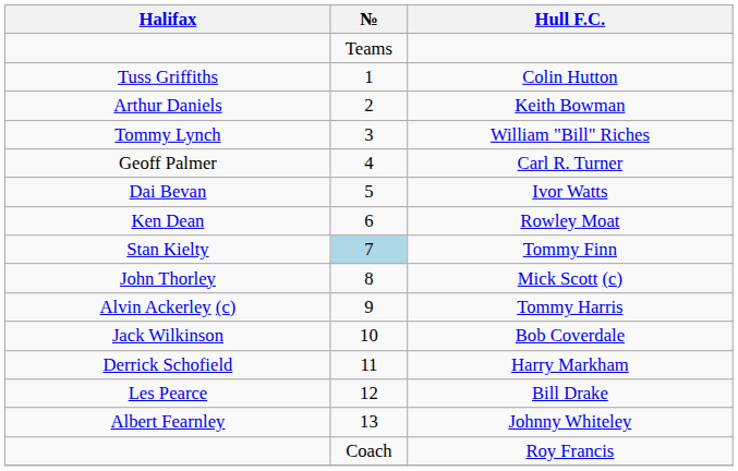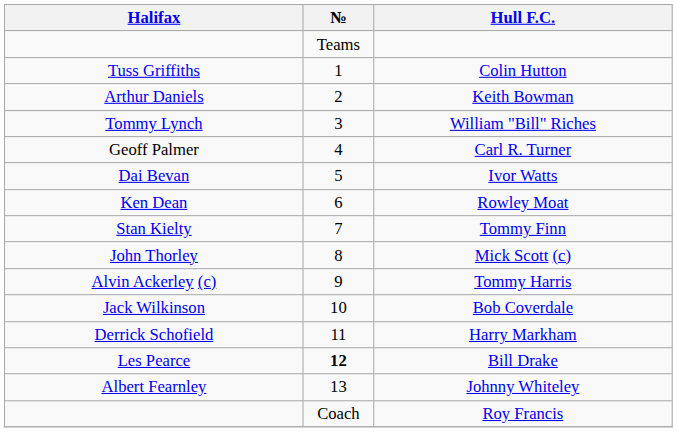 <table class="wikitable" style="text-align:center;">
 <tr>
 <th width=280 abbr=winner><a href='#'>Halifax</a></th>
 <th width=60 abbr="Number">№</th>
 <th width=280 abbr=runner-up><a href='#'>Hull F.C.</a></th>
 </tr>
 <tr>
 </tr>
 <tr>
 <td></td>
 <td>Teams</td>
 <td></td>
 </tr>
 <tr>
 <td><a href='#'>Tuss Griffiths</a></td>
 <td>1</td>
 <td><a href='#'>Colin Hutton</a></td>
 </tr>
 <tr>
 <td><a href='#'>Arthur Daniels</a></td>
 <td>2</td>
 <td><a href='#'>Keith Bowman</a></td>
 </tr>
 <tr>
 <td><a href='#'>Tommy Lynch</a></td>
 <td>3</td>
 <td><a href='#'>William "Bill" Riches</a></td>
 </tr>
 <tr>
 <td>Geoff Palmer</td>
 <td>4</td>
 <td><a href='#'>Carl R. Turner</a></td>
 </tr>
 <tr>
 <td><a href='#'>Dai Bevan</a></td>
 <td>5</td>
 <td><a href='#'>Ivor Watts</a></td>
 </tr>
 <tr>
 <td><a href='#'>Ken Dean</a></td>
 <td>6</td>
 <td><a href='#'>Rowley Moat</a></td>
 </tr>
 <tr>
 <td><a href='#'>Stan Kielty</a></td>
-<td style="background: lightblue;">7</td>
+<td>7</td>
 <td><a href='#'>Tommy Finn</a></td>
 </tr>
 <tr>
 <td><a href='#'>John Thorley</a></td>
 <td>8</td>
 <td><a href='#'>Mick Scott</a> <a href='#'>(c)</a></td>
 </tr>
 <tr>
 <td><a href='#'>Alvin Ackerley</a> <a href='#'>(c)</a></td>
 <td>9</td>
 <td><a href='#'>Tommy Harris</a></td>
 </tr>
 <tr>
 <td><a href='#'>Jack Wilkinson</a></td>
 <td>10</td>
 <td><a href='#'>Bob Coverdale</a></td>
 </tr>
 <tr>
 <td><a href='#'>Derrick Schofield</a></td>
 <td>11</td>
 <td><a href='#'>Harry Markham</a></td>
 </tr>
 <tr>
 <td><a href='#'>Les Pearce</a></td>
-<td>12</td>
+<td><strong>12</strong></td>
 <td><a href='#'>Bill Drake</a></td>
 </tr>
 <tr>
 <td><a href='#'>Albert Fearnley</a></td>
 <td>13</td>
 <td><a href='#'>Johnny Whiteley</a></td>
 </tr>
 <tr>
 <td></td>
 <td>Coach</td>
 <td><a href='#'>Roy Francis</a></td>
 </tr>
 <tr>
 </tr>
 </table>
